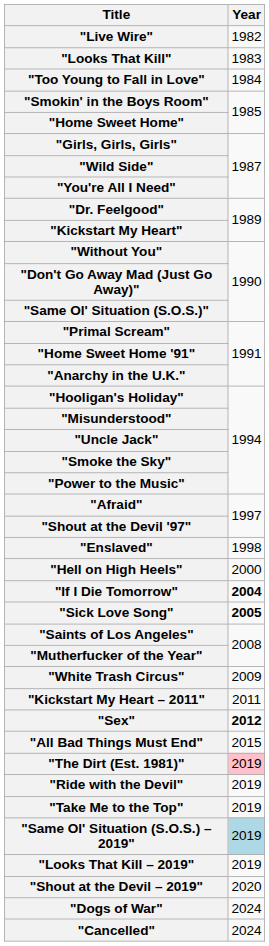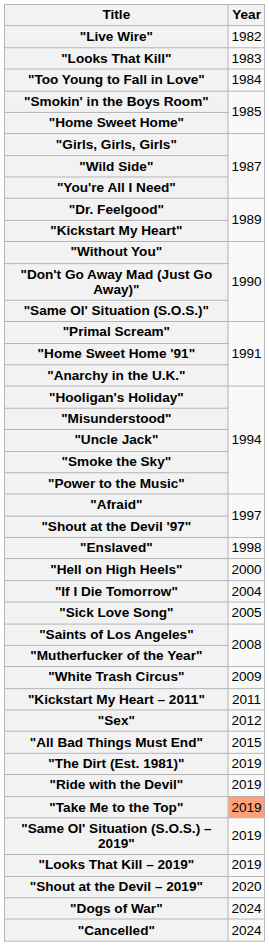 <table class="wikitable plainrowheaders" style="text-align:center;">
 <tr>
 <th scope="col" style="width:16em;">Title</th>
 <th scope="col">Year</th>
 </tr>
 <tr>
 <th scope="row">"Live Wire"</th>
 <td>1982</td>
 </tr>
 <tr>
 <th scope="row">"Looks That Kill"</th>
 <td>1983</td>
 </tr>
 <tr>
 <th scope="row">"Too Young to Fall in Love"</th>
 <td>1984</td>
 </tr>
 <tr>
 <th scope="row">"Smokin' in the Boys Room"</th>
 <td rowspan="2">1985</td>
 </tr>
 <tr>
 <th scope="row">"Home Sweet Home"</th>
 </tr>
 <tr>
 <th scope="row">"Girls, Girls, Girls"</th>
 <td rowspan="3">1987</td>
 </tr>
 <tr>
 <th scope="row">"Wild Side"</th>
 </tr>
 <tr>
 <th scope="row">"You're All I Need"</th>
 </tr>
 <tr>
 <th scope="row">"Dr. Feelgood"</th>
 <td rowspan="2">1989</td>
 </tr>
 <tr>
 <th scope="row">"Kickstart My Heart"</th>
 </tr>
 <tr>
 <th scope="row">"Without You"</th>
 <td rowspan="3">1990</td>
 </tr>
 <tr>
 <th scope="row">"Don't Go Away Mad (Just Go Away)"</th>
 </tr>
 <tr>
 <th scope="row">"Same Ol' Situation (S.O.S.)"</th>
 </tr>
 <tr>
 <th scope="row">"Primal Scream"</th>
 <td rowspan="3">1991</td>
 </tr>
 <tr>
 <th scope="row">"Home Sweet Home '91"</th>
 </tr>
 <tr>
 <th scope="row">"Anarchy in the U.K."</th>
 </tr>
 <tr>
 <th scope="row">"Hooligan's Holiday"</th>
 <td rowspan="5">1994</td>
 </tr>
 <tr>
 <th scope="row">"Misunderstood"</th>
 </tr>
 <tr>
 <th scope="row">"Uncle Jack"</th>
 </tr>
 <tr>
 <th scope="row">"Smoke the Sky"</th>
 </tr>
 <tr>
 <th scope="row">"Power to the Music"</th>
 </tr>
 <tr>
 <th scope="row">"Afraid"</th>
 <td rowspan="2">1997</td>
 </tr>
 <tr>
 <th scope="row">"Shout at the Devil '97"</th>
 </tr>
 <tr>
 <th scope="row">"Enslaved"</th>
 <td>1998</td>
 </tr>
 <tr>
 <th scope="row">"Hell on High Heels"</th>
 <td>2000</td>
 </tr>
 <tr>
 <th scope="row">"If I Die Tomorrow"</th>
-<td><strong>2004</strong></td>
+<td>2004</td>
 </tr>
 <tr>
 <th scope="row">"Sick Love Song"</th>
-<td><strong>2005</strong></td>
+<td>2005</td>
 </tr>
 <tr>
 <th scope="row">"Saints of Los Angeles"</th>
 <td rowspan="2">2008</td>
 </tr>
 <tr>
 <th scope="row">"Mutherfucker of the Year"</th>
 </tr>
 <tr>
 <th scope="row">"White Trash Circus"</th>
 <td>2009</td>
 </tr>
 <tr>
 <th scope="row">"Kickstart My Heart – 2011"</th>
 <td>2011</td>
 </tr>
 <tr>
 <th scope="row">"Sex"</th>
-<td><strong>2012</strong></td>
+<td>2012</td>
 </tr>
 <tr>
 <th scope="row">"All Bad Things Must End"</th>
 <td>2015</td>
 </tr>
 <tr>
 <th scope="row">"The Dirt (Est. 1981)"</th>
-<td style="background: pink;">2019</td>
+<td>2019</td>
 </tr>
 <tr>
 <th scope="row">"Ride with the Devil"</th>
 <td>2019</td>
 </tr>
 <tr>
 <th scope="row">"Take Me to the Top"</th>
-<td>2019</td>
+<td style="background: lightsalmon;">2019</td>
 </tr>
 <tr>
 <th scope="row">"Same Ol' Situation (S.O.S.) – 2019"</th>
-<td style="background: lightblue;">2019</td>
+<td>2019</td>
 </tr>
 <tr>
 <th scope="row">"Looks That Kill – 2019"</th>
 <td>2019</td>
 </tr>
 <tr>
 <th scope="row">"Shout at the Devil – 2019"</th>
 <td>2020</td>
 </tr>
 <tr>
 <th scope="row">"Dogs of War"</th>
 <td>2024</td>
 </tr>
 <tr>
 <th scope="row">"Cancelled"</th>
 <td>2024</td>
 </tr>
 </table>
